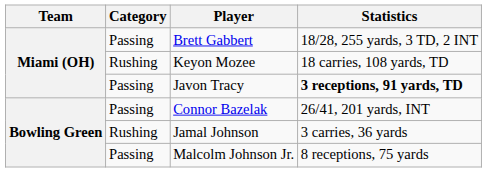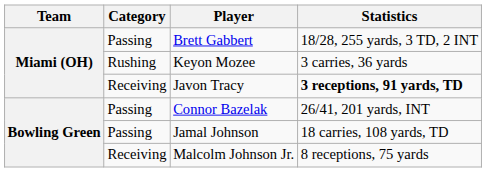 <table class="wikitable" style="float:right">
 <tr>
 <th>Team</th>
 <th>Category</th>
 <th>Player</th>
 <th>Statistics</th>
 </tr>
 <tr>
 <th rowspan=3>Miami (OH)</th>
 <td>Passing</td>
 <td><a href='#'>Brett Gabbert</a></td>
 <td>18/28, 255 yards, 3 TD, 2 INT</td>
 </tr>
 <tr>
 <td>Rushing</td>
 <td>Keyon Mozee</td>
-<td>18 carries, 108 yards, TD</td>
+<td>3 carries, 36 yards</td>
 </tr>
 <tr>
-<td>Passing</td>
+<td>Receiving</td>
 <td>Javon Tracy</td>
 <td><strong>3 receptions, 91 yards, TD</strong></td>
 </tr>
 <tr>
 <th rowspan=3>Bowling Green</th>
 <td>Passing</td>
 <td><a href='#'>Connor Bazelak</a></td>
 <td>26/41, 201 yards, INT</td>
 </tr>
 <tr>
-<td>Rushing</td>
+<td>Passing</td>
 <td>Jamal Johnson</td>
-<td>3 carries, 36 yards</td>
+<td>18 carries, 108 yards, TD</td>
 </tr>
 <tr>
-<td>Passing</td>
+<td>Receiving</td>
 <td>Malcolm Johnson Jr.</td>
 <td>8 receptions, 75 yards</td>
 </tr>
 </table>
